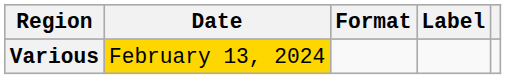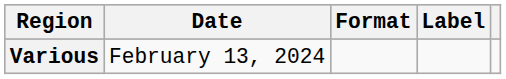 <table class="wikitable plainrowheaders">
 <tr>
 <th scope="col">Region</th>
 <th scope="col">Date</th>
 <th scope="col">Format</th>
 <th scope="col">Label</th>
 <th scope="col"></th>
 </tr>
 <tr>
 <th scope="row" rowspan="2">Various</th>
-<td style="background: gold;">February 13, 2024</td>
+<td>February 13, 2024</td>
 <td></td>
 <td></td>
 <td align="center"></td>
 </tr>
 </table>
